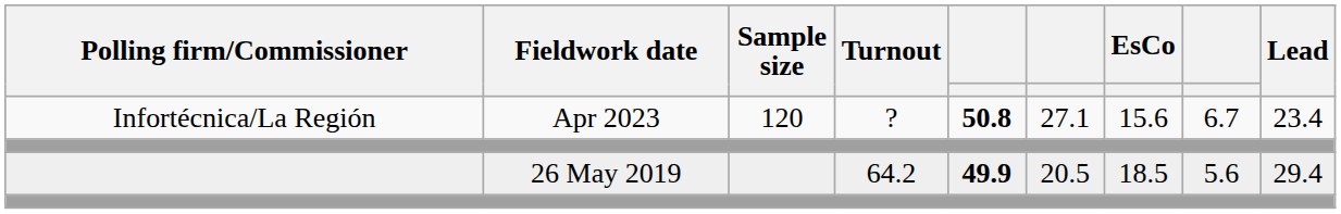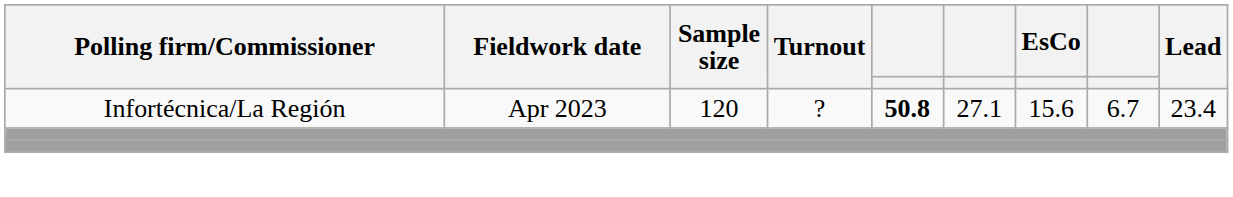 <table class="wikitable collapsible collapsed" style="text-align:center; font-size:95%; line-height:16px;">
 <tr style="height:42px;">
 <th style="width:250px;" rowspan="2">Polling firm/Commissioner</th>
 <th style="width:125px;" rowspan="2">Fieldwork date</th>
 <th style="width:50px;" rowspan="2">Sample size</th>
 <th style="width:45px;" rowspan="2">Turnout</th>
 <th style="width:35px;"></th>
 <th style="width:35px;"></th>
 <th style="width:35px;">EsCo</th>
 <th style="width:35px;"></th>
 <th style="width:30px;" rowspan="2">Lead</th>
 </tr>
 <tr>
 <th style="color:inherit;background:"></th>
 <th style="color:inherit;background:"></th>
 <th style="color:inherit;background:"></th>
 <th style="color:inherit;background:"></th>
 </tr>
 <tr>
 <td>Infortécnica/La Región</td>
 <td>Apr 2023</td>
 <td>120</td>
 <td>?</td>
 <td><strong>50.8</strong><br></td>
 <td>27.1<br></td>
 <td>15.6<br></td>
 <td>6.7<br></td>
 <td style="background:">23.4</td>
 </tr>
 <tr>
 <td colspan="9" style="background:#A0A0A0"></td>
 </tr>
-<tr style="background:#EFEFEF;">
-<td><strong></strong></td>
-<td>26 May 2019</td>
-<td></td>
-<td>64.2</td>
-<td><strong>49.9</strong><br></td>
-<td>20.5<br></td>
-<td>18.5<br></td>
-<td>5.6<br></td>
-<td style="background:">29.4</td>
-</tr>
 <tr>
 <td colspan="9" style="background:#A0A0A0"></td>
 </tr>
 </table>
